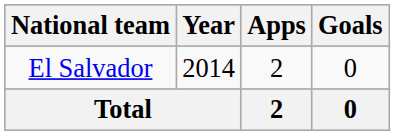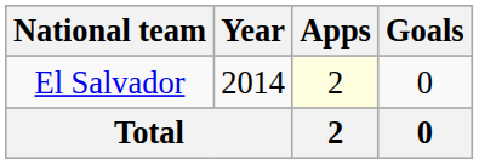 <table class="wikitable" style="text-align:center">
 <tr>
 <th>National team</th>
 <th>Year</th>
 <th>Apps</th>
 <th>Goals</th>
 </tr>
 <tr>
 <td><a href='#'>El Salvador</a></td>
 <td>2014</td>
-<td>2</td>
+<td style="background: lightyellow;">2</td>
 <td>0</td>
 </tr>
 <tr>
 <th colspan=2>Total</th>
 <th>2</th>
 <th>0</th>
 </tr>
 </table>
